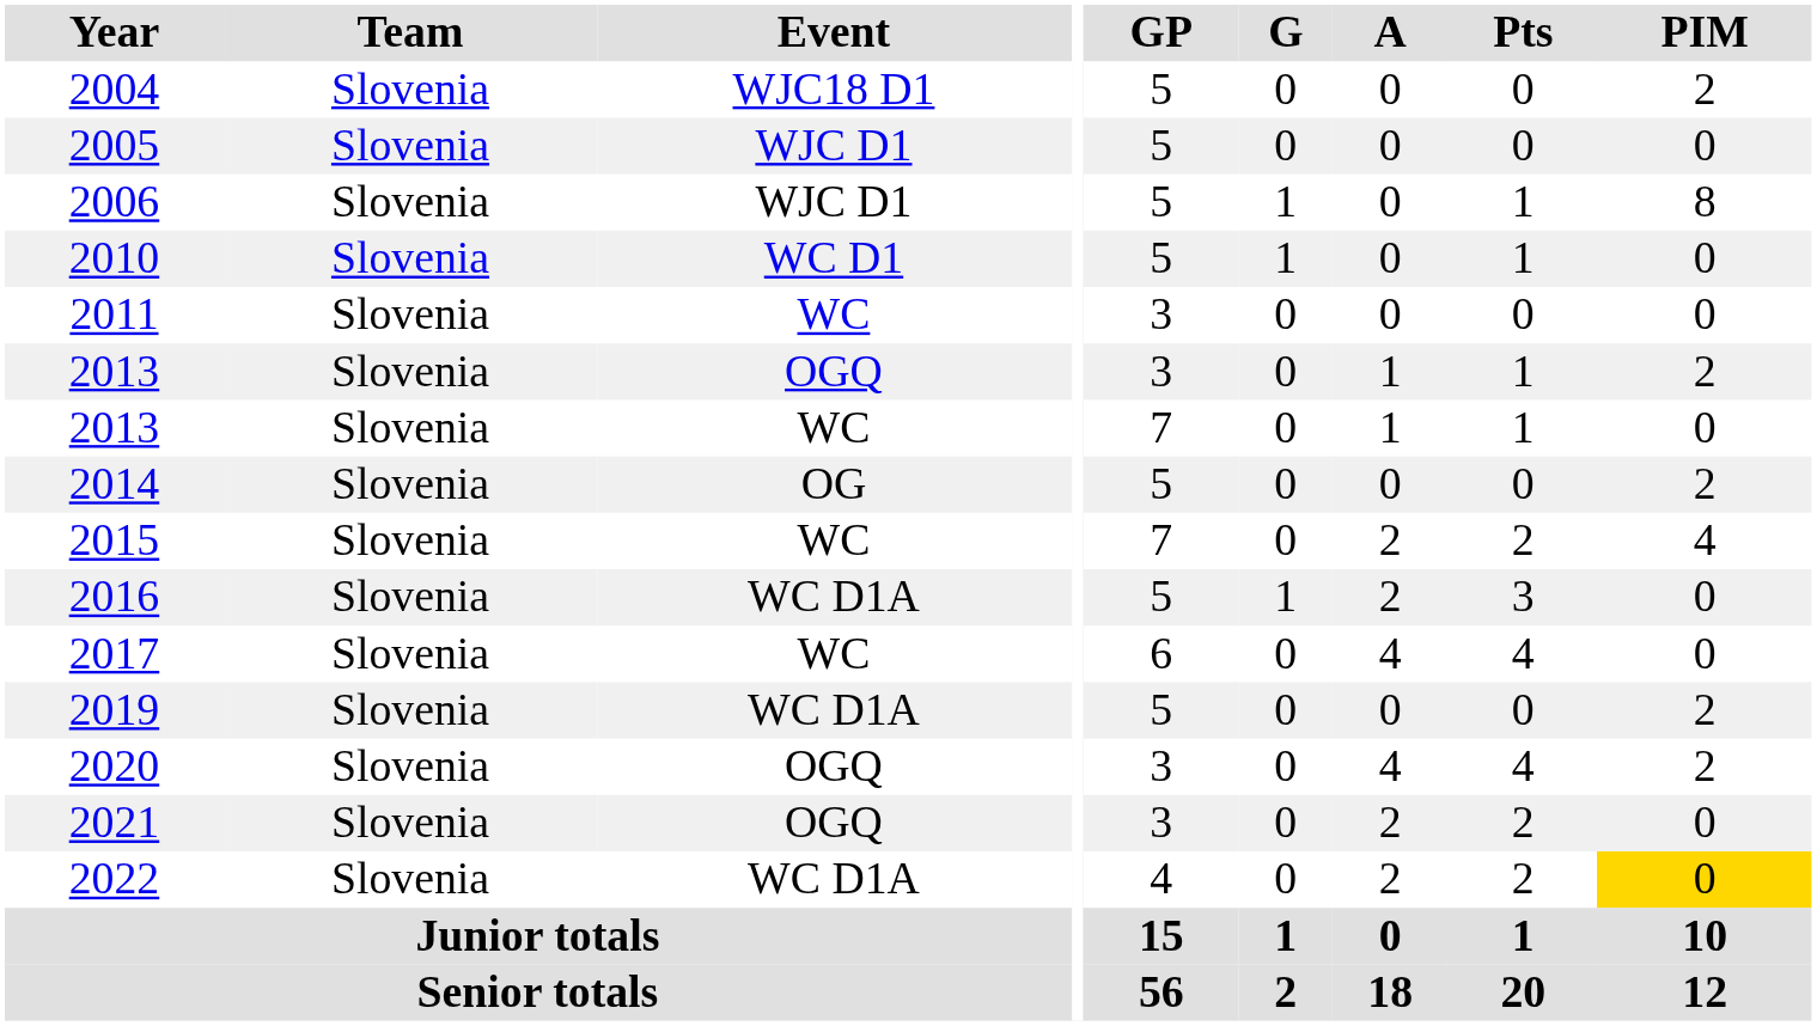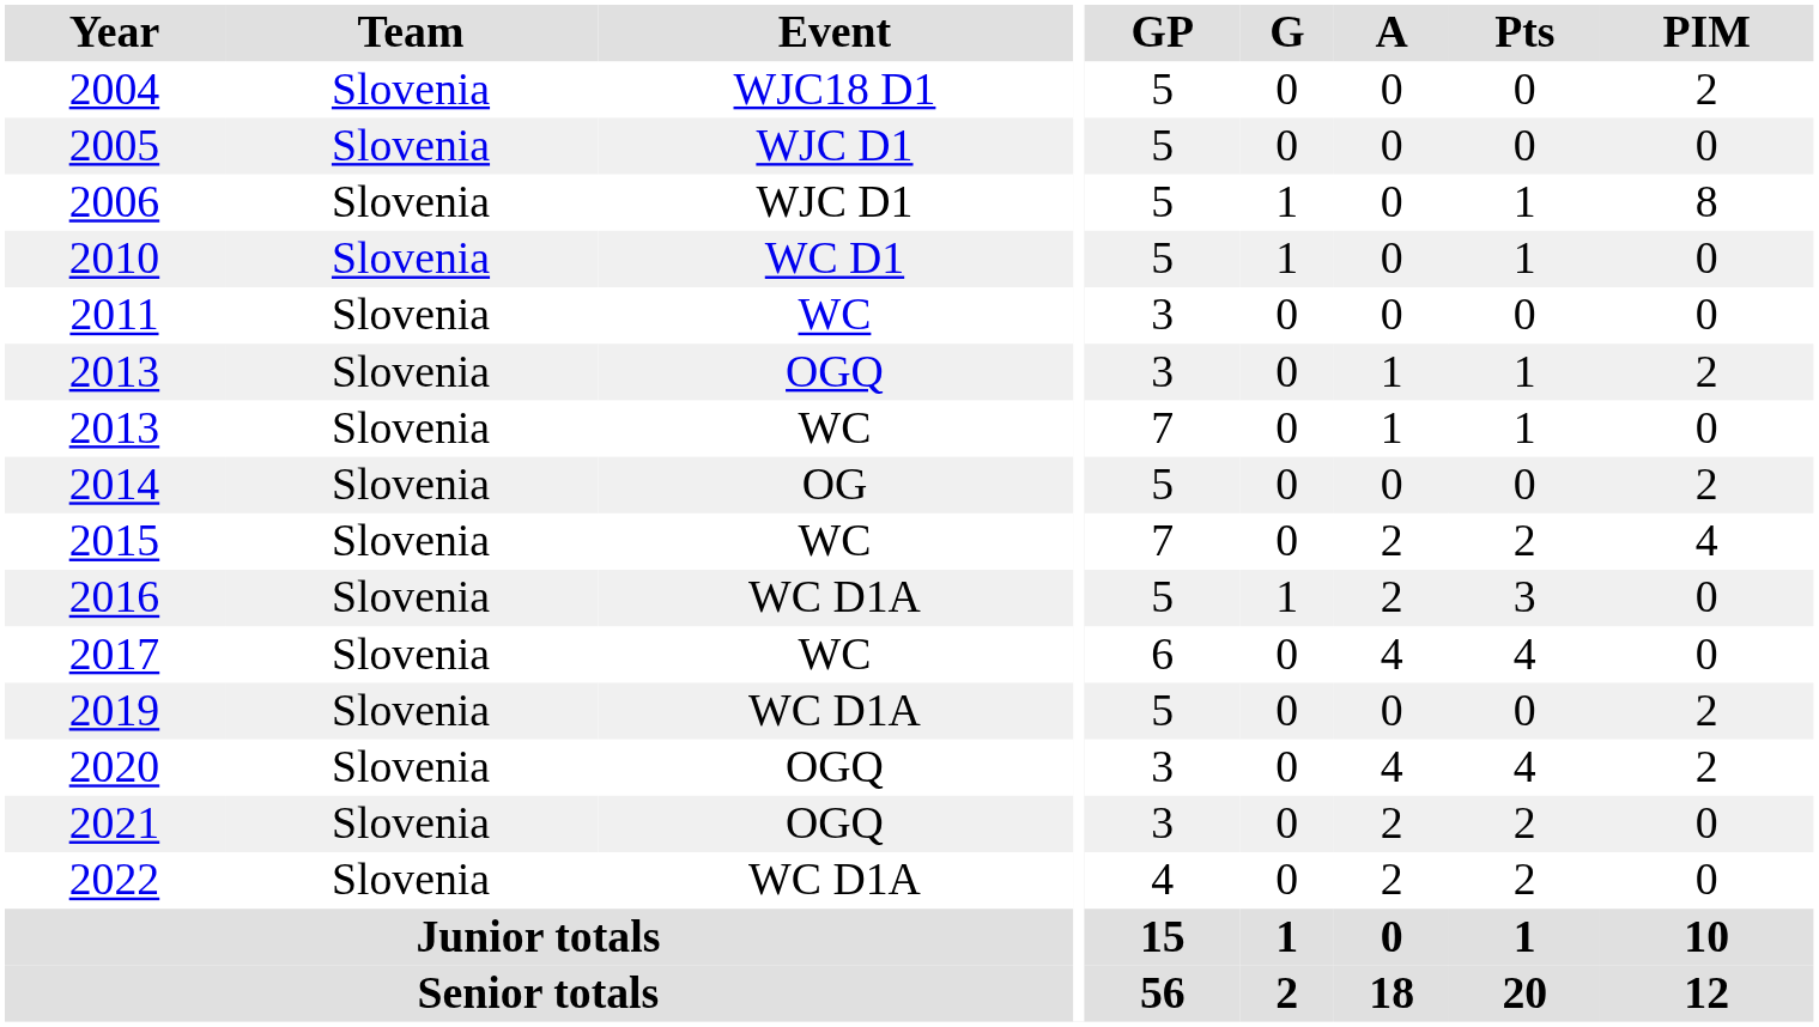 <table border="0" cellpadding="1" cellspacing="0" ID="Table3" style="text-align:center; width:40em">
 <tr ALIGN="center" bgcolor="#e0e0e0">
 <th>Year</th>
 <th>Team</th>
 <th>Event</th>
 <th rowspan="99" bgcolor="#ffffff"></th>
 <th>GP</th>
 <th>G</th>
 <th>A</th>
 <th>Pts</th>
 <th>PIM</th>
 </tr>
 <tr>
 <td><a href='#'>2004</a></td>
 <td><a href='#'>Slovenia</a></td>
 <td><a href='#'>WJC18 D1</a></td>
 <td>5</td>
 <td>0</td>
 <td>0</td>
 <td>0</td>
 <td>2</td>
 </tr>
 <tr bgcolor="#f0f0f0">
 <td><a href='#'>2005</a></td>
 <td><a href='#'>Slovenia</a></td>
 <td><a href='#'>WJC D1</a></td>
 <td>5</td>
 <td>0</td>
 <td>0</td>
 <td>0</td>
 <td>0</td>
 </tr>
 <tr>
 <td><a href='#'>2006</a></td>
 <td>Slovenia</td>
 <td>WJC D1</td>
 <td>5</td>
 <td>1</td>
 <td>0</td>
 <td>1</td>
 <td>8</td>
 </tr>
 <tr bgcolor="#f0f0f0">
 <td><a href='#'>2010</a></td>
 <td><a href='#'>Slovenia</a></td>
 <td><a href='#'>WC D1</a></td>
 <td>5</td>
 <td>1</td>
 <td>0</td>
 <td>1</td>
 <td>0</td>
 </tr>
 <tr>
 <td><a href='#'>2011</a></td>
 <td>Slovenia</td>
 <td><a href='#'>WC</a></td>
 <td>3</td>
 <td>0</td>
 <td>0</td>
 <td>0</td>
 <td>0</td>
 </tr>
 <tr bgcolor="#f0f0f0">
 <td><a href='#'>2013</a></td>
 <td>Slovenia</td>
 <td><a href='#'>OGQ</a></td>
 <td>3</td>
 <td>0</td>
 <td>1</td>
 <td>1</td>
 <td>2</td>
 </tr>
 <tr>
 <td><a href='#'>2013</a></td>
 <td>Slovenia</td>
 <td>WC</td>
 <td>7</td>
 <td>0</td>
 <td>1</td>
 <td>1</td>
 <td>0</td>
 </tr>
 <tr bgcolor="#f0f0f0">
 <td><a href='#'>2014</a></td>
 <td>Slovenia</td>
 <td>OG</td>
 <td>5</td>
 <td>0</td>
 <td>0</td>
 <td>0</td>
 <td>2</td>
 </tr>
 <tr>
 <td><a href='#'>2015</a></td>
 <td>Slovenia</td>
 <td>WC</td>
 <td>7</td>
 <td>0</td>
 <td>2</td>
 <td>2</td>
 <td>4</td>
 </tr>
 <tr bgcolor="#f0f0f0">
 <td><a href='#'>2016</a></td>
 <td>Slovenia</td>
 <td>WC D1A</td>
 <td>5</td>
 <td>1</td>
 <td>2</td>
 <td>3</td>
 <td>0</td>
 </tr>
 <tr>
 <td><a href='#'>2017</a></td>
 <td>Slovenia</td>
 <td>WC</td>
 <td>6</td>
 <td>0</td>
 <td>4</td>
 <td>4</td>
 <td>0</td>
 </tr>
 <tr bgcolor="#f0f0f0">
 <td><a href='#'>2019</a></td>
 <td>Slovenia</td>
 <td>WC D1A</td>
 <td>5</td>
 <td>0</td>
 <td>0</td>
 <td>0</td>
 <td>2</td>
 </tr>
 <tr>
 <td><a href='#'>2020</a></td>
 <td>Slovenia</td>
 <td>OGQ</td>
 <td>3</td>
 <td>0</td>
 <td>4</td>
 <td>4</td>
 <td>2</td>
 </tr>
 <tr bgcolor="#f0f0f0">
 <td><a href='#'>2021</a></td>
 <td>Slovenia</td>
 <td>OGQ</td>
 <td>3</td>
 <td>0</td>
 <td>2</td>
 <td>2</td>
 <td>0</td>
 </tr>
 <tr>
 <td><a href='#'>2022</a></td>
 <td>Slovenia</td>
 <td>WC D1A</td>
 <td>4</td>
 <td>0</td>
 <td>2</td>
 <td>2</td>
-<td style="background: gold;">0</td>
+<td>0</td>
 </tr>
 <tr bgcolor="#e0e0e0">
 <th colspan=3>Junior totals</th>
 <th>15</th>
 <th>1</th>
 <th>0</th>
 <th>1</th>
 <th>10</th>
 </tr>
 <tr bgcolor="#e0e0e0">
 <th colspan=3>Senior totals</th>
 <th>56</th>
 <th>2</th>
 <th>18</th>
 <th>20</th>
 <th>12</th>
 </tr>
 </table>
